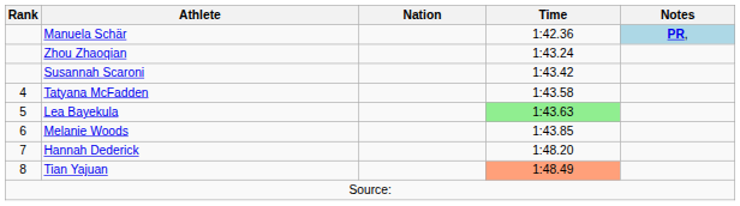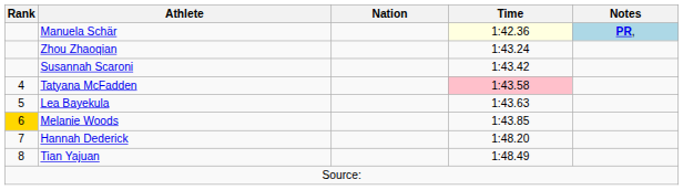 <table class="wikitable sortable" style="text-align:center;width: 60%;">
 <tr>
 <th scope="col" style="width: 10px;">Rank</th>
 <th scope="col">Athlete</th>
 <th scope="col">Nation</th>
 <th scope="col">Time</th>
 <th scope="col">Notes</th>
 </tr>
 <tr>
 <td></td>
 <td align=left><a href='#'>Manuela Schär</a></td>
 <td align=left></td>
-<td>1:42.36</td>
+<td style="background: lightyellow;">1:42.36</td>
 <td style="background: lightblue;"><strong><a href='#'>PR</a></strong>, </td>
 </tr>
 <tr>
 <td></td>
 <td align=left><a href='#'>Zhou Zhaoqian</a></td>
 <td align=left></td>
 <td>1:43.24</td>
 <td></td>
 </tr>
 <tr>
 <td></td>
 <td align=left><a href='#'>Susannah Scaroni</a></td>
 <td align=left></td>
 <td>1:43.42</td>
 <td></td>
 </tr>
 <tr>
 <td>4</td>
 <td align=left><a href='#'>Tatyana McFadden</a></td>
 <td align=left></td>
-<td>1:43.58</td>
+<td style="background: pink;">1:43.58</td>
 <td></td>
 </tr>
 <tr>
 <td>5</td>
 <td align=left><a href='#'>Lea Bayekula</a></td>
 <td align=left></td>
-<td style="background: lightgreen;">1:43.63</td>
+<td>1:43.63</td>
 <td></td>
 </tr>
 <tr>
-<td>6</td>
+<td style="background: gold;">6</td>
 <td align=left><a href='#'>Melanie Woods</a></td>
 <td align=left></td>
 <td>1:43.85</td>
 <td></td>
 </tr>
 <tr>
 <td>7</td>
 <td align=left><a href='#'>Hannah Dederick</a></td>
 <td align=left></td>
 <td>1:48.20</td>
 <td></td>
 </tr>
 <tr>
 <td>8</td>
 <td align=left><a href='#'>Tian Yajuan</a></td>
 <td align=left></td>
-<td style="background: lightsalmon;">1:48.49</td>
+<td>1:48.49</td>
 <td></td>
 </tr>
 <tr class="sortbottom">
 <td colspan="5">Source:</td>
 </tr>
 </table>
